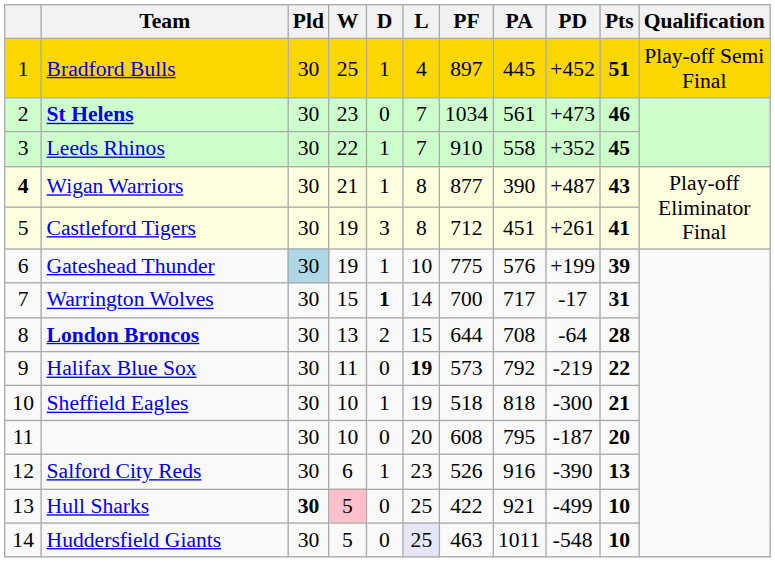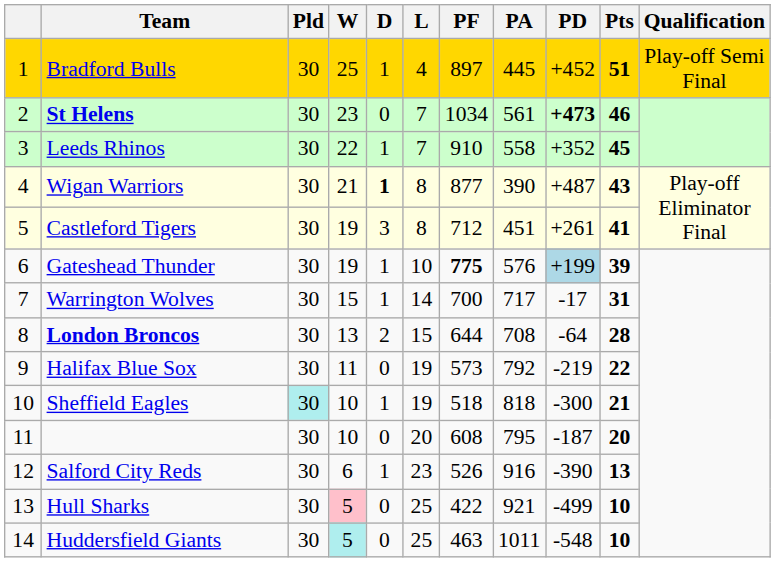 <table class="wikitable" style="text-align:center;">
 <tr>
 <th style="width:20px;" abbr="Position"></th>
 <th width=175>Team</th>
 <th style="width:20px;" abbr="Played">Pld</th>
 <th style="width:20px;" abbr="Won">W</th>
 <th style="width:20px;" abbr="Drawn">D</th>
 <th style="width:20px;" abbr="Lost">L</th>
 <th style="width:20px;" abbr="Points for">PF</th>
 <th style="width:20px;" abbr="Points against">PA</th>
 <th style="width:20px;" abbr="Points difference">PD</th>
 <th style="width:20px;" abbr="Points">Pts</th>
 <th style="width:20px;" abbr="Qualification">Qualification</th>
 </tr>
 <tr style="background:gold">
 <td>1</td>
 <td style="text-align:left;"> <a href='#'>Bradford Bulls</a></td>
 <td>30</td>
 <td>25</td>
 <td>1</td>
 <td>4</td>
 <td>897</td>
 <td>445</td>
 <td>+452</td>
 <td><strong>51</strong></td>
 <td>Play-off Semi Final</td>
 </tr>
 <tr style="background:#cfc;">
 <td>2</td>
 <td style="text-align:left;"> <strong><a href='#'>St Helens</a></strong></td>
 <td>30</td>
 <td>23</td>
 <td>0</td>
 <td>7</td>
 <td>1034</td>
 <td>561</td>
-<td>+473</td>
+<td><strong>+473</strong></td>
 <td><strong>46</strong></td>
 <td rowspan=2></td>
 </tr>
 <tr style="background:#cfc;">
 <td>3</td>
 <td style="text-align:left;"> <a href='#'>Leeds Rhinos</a></td>
 <td>30</td>
 <td>22</td>
 <td>1</td>
 <td>7</td>
 <td>910</td>
 <td>558</td>
 <td>+352</td>
 <td><strong>45</strong></td>
 </tr>
 <tr style="background:lightyellow">
-<td><strong>4</strong></td>
+<td>4</td>
 <td style="text-align:left;"> <a href='#'>Wigan Warriors</a></td>
 <td>30</td>
 <td>21</td>
-<td>1</td>
+<td><strong>1</strong></td>
 <td>8</td>
 <td>877</td>
 <td>390</td>
 <td>+487</td>
 <td><strong>43</strong></td>
 <td rowspan=2>Play-off Eliminator Final</td>
 </tr>
 <tr style="background:lightyellow">
 <td>5</td>
 <td style="text-align:left;"> <a href='#'>Castleford Tigers</a></td>
 <td>30</td>
 <td>19</td>
 <td>3</td>
 <td>8</td>
 <td>712</td>
 <td>451</td>
 <td>+261</td>
 <td><strong>41</strong></td>
 </tr>
 <tr>
 <td>6</td>
 <td style="text-align:left;"> <a href='#'>Gateshead Thunder</a></td>
-<td style="background: lightblue;">30</td>
+<td>30</td>
 <td>19</td>
 <td>1</td>
 <td>10</td>
-<td>775</td>
+<td><strong>775</strong></td>
 <td>576</td>
-<td>+199</td>
+<td style="background: lightblue;">+199</td>
 <td><strong>39</strong></td>
 <td rowspan=10></td>
 </tr>
 <tr>
 <td>7</td>
 <td style="text-align:left;"> <a href='#'>Warrington Wolves</a></td>
 <td>30</td>
 <td>15</td>
-<td><strong>1</strong></td>
+<td>1</td>
 <td>14</td>
 <td>700</td>
 <td>717</td>
 <td>-17</td>
 <td><strong>31</strong></td>
 </tr>
 <tr>
 <td>8</td>
 <td style="text-align:left;"> <strong><a href='#'>London Broncos</a></strong></td>
 <td>30</td>
 <td>13</td>
 <td>2</td>
 <td>15</td>
 <td>644</td>
 <td>708</td>
 <td>-64</td>
 <td><strong>28</strong></td>
 </tr>
 <tr>
 <td>9</td>
 <td style="text-align:left;"> <a href='#'>Halifax Blue Sox</a></td>
 <td>30</td>
 <td>11</td>
 <td>0</td>
-<td><strong>19</strong></td>
+<td>19</td>
 <td>573</td>
 <td>792</td>
 <td>-219</td>
 <td><strong>22</strong></td>
 </tr>
 <tr>
 <td>10</td>
 <td style="text-align:left;"> <a href='#'>Sheffield Eagles</a></td>
-<td>30</td>
+<td style="background: paleturquoise;">30</td>
 <td>10</td>
 <td>1</td>
 <td>19</td>
 <td>518</td>
 <td>818</td>
 <td>-300</td>
 <td><strong>21</strong></td>
 </tr>
 <tr>
 <td>11</td>
 <td style="text-align:left;"></td>
 <td>30</td>
 <td>10</td>
 <td>0</td>
 <td>20</td>
 <td>608</td>
 <td>795</td>
 <td>-187</td>
 <td><strong>20</strong></td>
 </tr>
 <tr>
 <td>12</td>
 <td style="text-align:left;"> <a href='#'>Salford City Reds</a></td>
 <td>30</td>
 <td>6</td>
 <td>1</td>
 <td>23</td>
 <td>526</td>
 <td>916</td>
 <td>-390</td>
 <td><strong>13</strong></td>
 </tr>
 <tr>
 <td>13</td>
 <td style="text-align:left;"> <a href='#'>Hull Sharks</a></td>
-<td><strong>30</strong></td>
+<td>30</td>
 <td style="background: pink;">5</td>
 <td>0</td>
 <td>25</td>
 <td>422</td>
 <td>921</td>
 <td>-499</td>
 <td><strong>10</strong></td>
 </tr>
 <tr>
 <td>14</td>
 <td style="text-align:left;"> <a href='#'>Huddersfield Giants</a></td>
 <td>30</td>
-<td>5</td>
+<td style="background: paleturquoise;">5</td>
 <td>0</td>
-<td style="background: lavender;">25</td>
+<td>25</td>
 <td>463</td>
 <td>1011</td>
 <td>-548</td>
 <td><strong>10</strong></td>
 </tr>
 </table>
